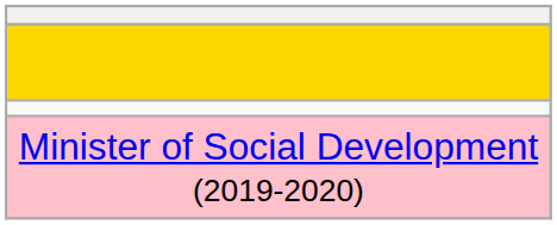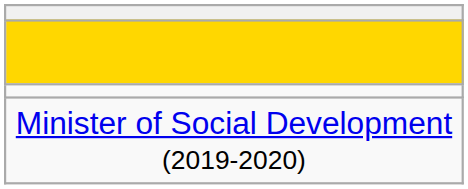 <table class="wikitable" style="float:right; font-size:90%; text-align:center; margin:10px;">
 <tr>
 <td style="background:#f1f1f1;"> <strong></strong></td>
 </tr>
 <tr>
 <th style="font-size:120%; background:gold; width:200px;"><br><small></small></th>
 </tr>
 <tr>
 <td></td>
 </tr>
 <tr>
-<td style="background: pink;"><a href='#'>Minister of Social Development</a><br><small>(2019-2020)</small></td>
+<td><a href='#'>Minister of Social Development</a><br><small>(2019-2020)</small></td>
 </tr>
 </table>
